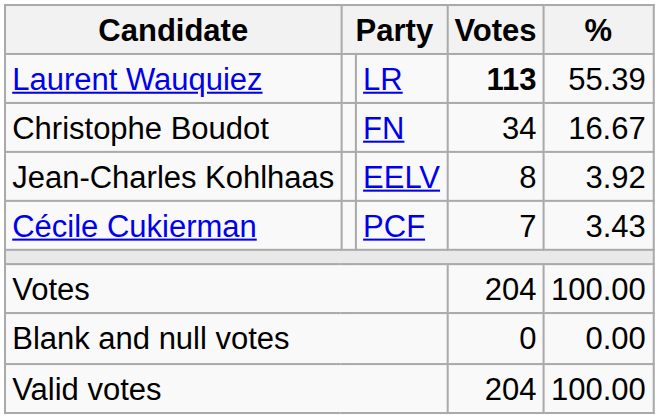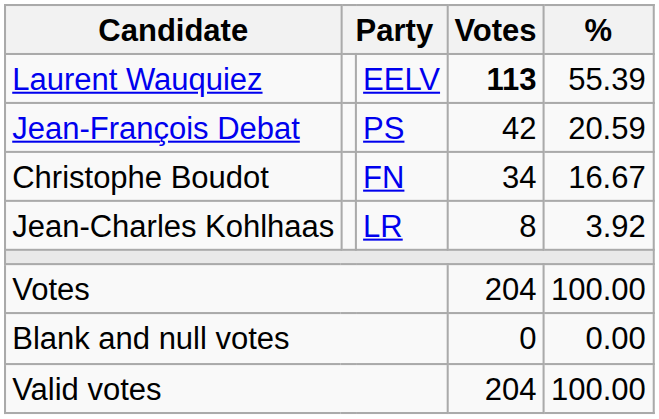 <table class="wikitable" style="font-size:95%;text-align:right;">
 <tr>
 <th>Candidate</th>
 <th colspan="2">Party</th>
 <th>Votes</th>
 <th>%</th>
 </tr>
 <tr>
 <td style="text-align:left;"><a href='#'>Laurent Wauquiez</a></td>
 <td style="background:"></td>
-<td style="text-align:left;"><a href='#'>LR</a></td>
+<td style="text-align:left;"><a href='#'>EELV</a></td>
 <td><strong>113</strong></td>
 <td>55.39</td>
+</tr>
+<tr>
+<td style="text-align:left;"><a href='#'>Jean-François Debat</a></td>
+<td style="background:"></td>
+<td style="text-align:left;"><a href='#'>PS</a></td>
+<td>42</td>
+<td>20.59</td>
 </tr>
 <tr>
 <td style="text-align:left;">Christophe Boudot</td>
 <td style="background:"></td>
 <td style="text-align:left;"><a href='#'>FN</a></td>
 <td>34</td>
 <td>16.67</td>
 </tr>
 <tr>
 <td style="text-align:left;">Jean-Charles Kohlhaas</td>
 <td style="background:"></td>
-<td style="text-align:left;"><a href='#'>EELV</a></td>
+<td style="text-align:left;"><a href='#'>LR</a></td>
 <td>8</td>
 <td>3.92</td>
-</tr>
-<tr>
-<td style="text-align:left;"><a href='#'>Cécile Cukierman</a></td>
-<td style="background:"></td>
-<td style="text-align:left;"><a href='#'>PCF</a></td>
-<td>7</td>
-<td>3.43</td>
 </tr>
 <tr>
 <td style="background-color:#E9E9E9;" colspan="5"></td>
 </tr>
 <tr>
 <td style="text-align:left;" colspan="3">Votes</td>
 <td>204</td>
 <td>100.00</td>
 </tr>
 <tr>
 <td style="text-align:left;" colspan="3">Blank and null votes</td>
 <td>0</td>
 <td>0.00</td>
 </tr>
 <tr>
 <td style="text-align:left;" colspan="3">Valid votes</td>
 <td>204</td>
 <td>100.00</td>
 </tr>
 </table>
